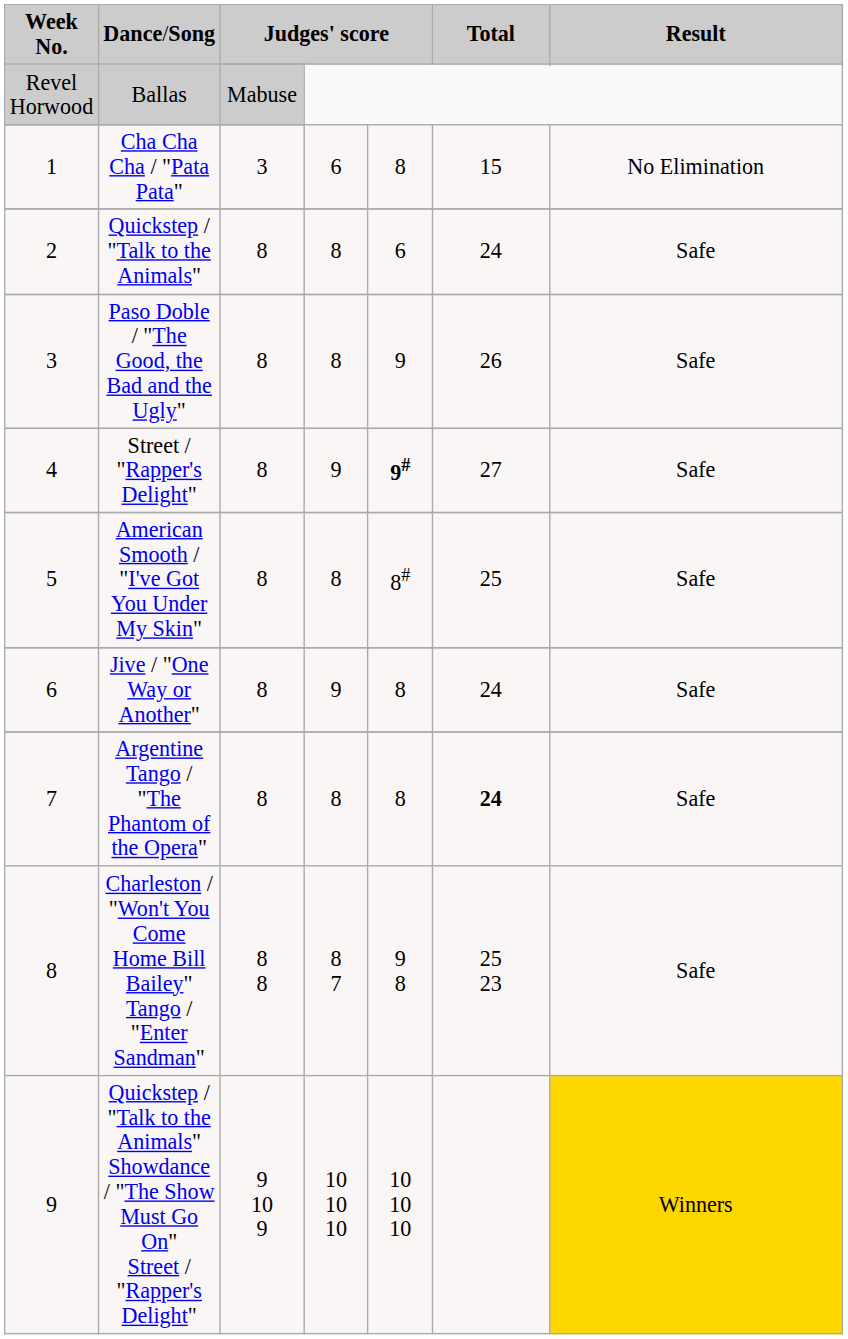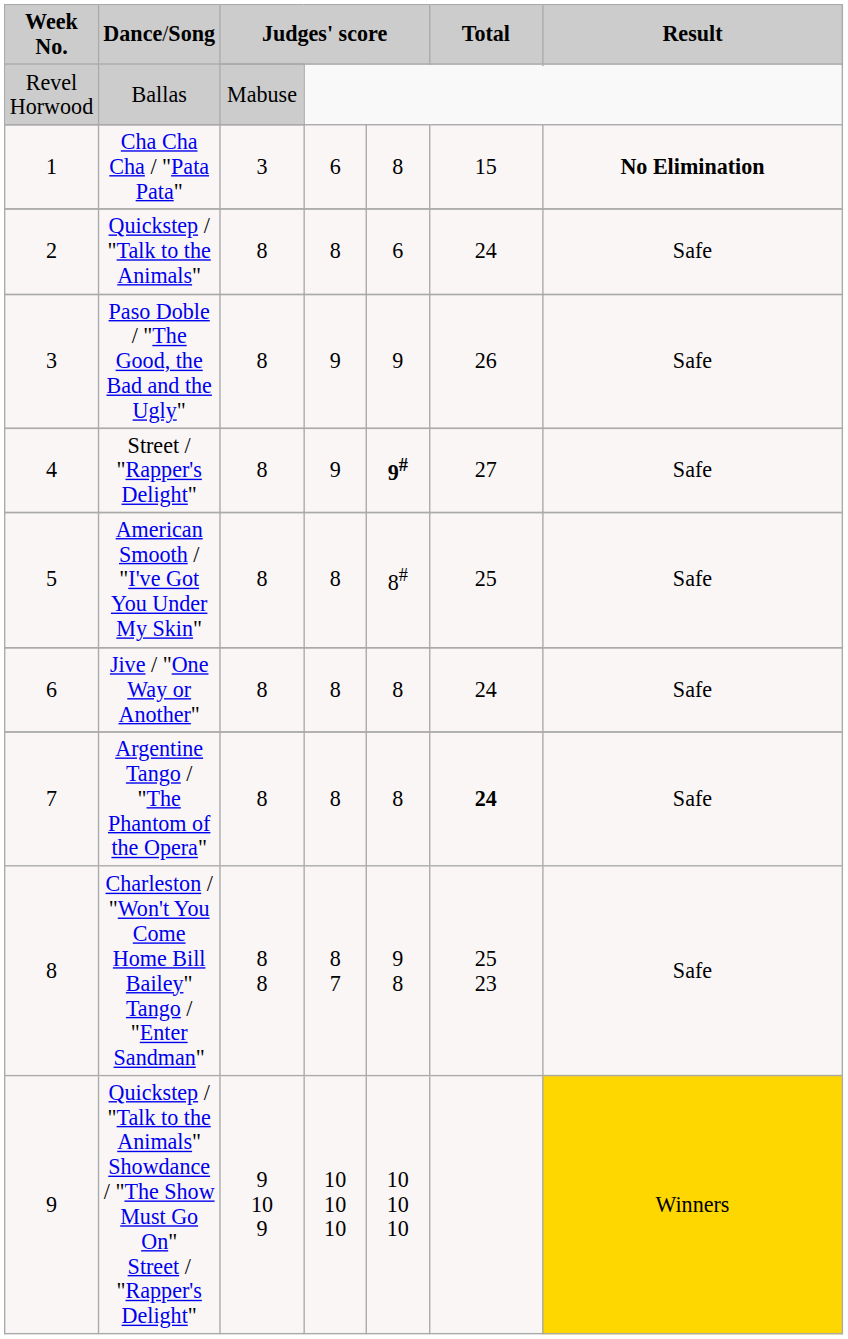 <table class="wikitable" align="center">
 <tr>
 <td rowspan="2" bgcolor="CCCCCC" align="Center"><strong>Week No.</strong></td>
 <td rowspan="2" bgcolor="CCCCCC" align="Center"><strong>Dance</strong>/<strong>Song</strong></td>
 <td colspan="3" bgcolor="CCCCCC" align="Center"><strong>Judges' score</strong></td>
 <td rowspan="2" bgcolor="CCCCCC" align="Center"><strong>Total</strong></td>
 <td rowspan="2" bgcolor="CCCCCC" align="Center"><strong>Result</strong></td>
 </tr>
 <tr>
 </tr>
 <tr>
 <td bgcolor="CCCCCC" width="10%" align="center">Revel Horwood</td>
 <td bgcolor="CCCCCC" width="10%" align="center">Ballas</td>
 <td bgcolor="CCCCCC" width="10%" align="center">Mabuse</td>
 </tr>
 <tr>
 </tr>
 <tr>
 <td align="center" bgcolor="FAF6F6">1</td>
 <td align="center" bgcolor="FAF6F6"><a href='#'>Cha Cha Cha</a> / "<a href='#'>Pata Pata</a>"</td>
 <td align="center" bgcolor="FAF6F6">3</td>
 <td align="center" bgcolor="FAF6F6">6</td>
 <td align="center" bgcolor="FAF6F6">8</td>
 <td align="center" bgcolor="FAF6F6">15</td>
-<td align="center" bgcolor="FAF6F6">No Elimination</td>
+<td align="center" bgcolor="FAF6F6"><strong>No Elimination</strong></td>
 </tr>
 <tr>
 </tr>
 <tr>
 <td align="center" bgcolor="FAF6F6">2</td>
 <td align="center" bgcolor="FAF6F6"><a href='#'>Quickstep</a> / "<a href='#'>Talk to the Animals</a>"</td>
 <td align="center" bgcolor="FAF6F6">8</td>
 <td align="center" bgcolor="FAF6F6">8</td>
 <td align="center" bgcolor="FAF6F6">6</td>
 <td align="center" bgcolor="FAF6F6">24</td>
 <td align="center" bgcolor="FAF6F6">Safe</td>
 </tr>
 <tr>
 </tr>
 <tr>
 <td align="center" bgcolor="FAF6F6">3</td>
 <td align="center" bgcolor="FAF6F6"><a href='#'>Paso Doble</a> / "<a href='#'>The Good, the Bad and the Ugly</a>"</td>
 <td align="center" bgcolor="FAF6F6">8</td>
-<td align="center" bgcolor="FAF6F6">8</td>
+<td align="center" bgcolor="FAF6F6">9</td>
 <td align="center" bgcolor="FAF6F6">9</td>
 <td align="center" bgcolor="FAF6F6">26</td>
 <td align="center" bgcolor="FAF6F6">Safe</td>
 </tr>
 <tr>
 </tr>
 <tr>
 <td style="text-align:center; background:#faf6f6;">4</td>
 <td style="text-align:center; background:#faf6f6;">Street / "<a href='#'>Rapper's Delight</a>"</td>
 <td style="text-align:center; background:#faf6f6;">8</td>
 <td style="text-align:center; background:#faf6f6;">9</td>
 <td style="text-align:center; background:#faf6f6;"><strong>9<sup>#</sup></strong></td>
 <td style="text-align:center; background:#faf6f6;">27</td>
 <td style="text-align:center; background:#faf6f6;">Safe</td>
 </tr>
 <tr>
 </tr>
 <tr>
 <td style="text-align:center; background:#faf6f6;">5</td>
 <td style="text-align:center; background:#faf6f6;"><a href='#'>American Smooth</a> / "<a href='#'>I've Got You Under My Skin</a>"</td>
 <td style="text-align:center; background:#faf6f6;">8</td>
 <td style="text-align:center; background:#faf6f6;">8</td>
 <td style="text-align:center; background:#faf6f6;">8<sup>#</sup></td>
 <td style="text-align:center; background:#faf6f6;">25</td>
 <td style="text-align:center; background:#faf6f6;">Safe</td>
 </tr>
 <tr>
 </tr>
 <tr>
 <td style="text-align:center; background:#faf6f6;">6</td>
 <td style="text-align:center; background:#faf6f6;"><a href='#'>Jive</a> / "<a href='#'>One Way or Another</a>"</td>
 <td style="text-align:center; background:#faf6f6;">8</td>
-<td style="text-align:center; background:#faf6f6;">9</td>
+<td style="text-align:center; background:#faf6f6;">8</td>
 <td style="text-align:center; background:#faf6f6;">8</td>
 <td style="text-align:center; background:#faf6f6;">24</td>
 <td style="text-align:center; background:#faf6f6;">Safe</td>
 </tr>
 <tr>
 </tr>
 <tr>
 <td style="text-align:center; background:#faf6f6;">7</td>
 <td style="text-align:center; background:#faf6f6;"><a href='#'>Argentine Tango</a> / "<a href='#'>The Phantom of the Opera</a>"</td>
 <td style="text-align:center; background:#faf6f6;">8</td>
 <td style="text-align:center; background:#faf6f6;">8</td>
 <td style="text-align:center; background:#faf6f6;">8</td>
 <td style="text-align:center; background:#faf6f6;"><strong>24</strong></td>
 <td style="text-align:center; background:#faf6f6;">Safe</td>
 </tr>
 <tr>
 <td align="center" bgcolor="FAF6F6">8</td>
 <td align="center" bgcolor="FAF6F6"><a href='#'>Charleston</a> / "<a href='#'>Won't You Come Home Bill Bailey</a>"<br><a href='#'>Tango</a> / "<a href='#'>Enter Sandman</a>"</td>
 <td align="center" bgcolor="FAF6F6">8<br>8</td>
 <td align="center" bgcolor="FAF6F6">8<br>7</td>
 <td align="center" bgcolor="FAF6F6">9<br>8</td>
 <td align="center" bgcolor="FAF6F6">25<br>23</td>
 <td align="center" bgcolor="FAF6F6">Safe</td>
 </tr>
 <tr>
 <td align="center" bgcolor="FAF6F6">9</td>
 <td align="center" bgcolor="FAF6F6"><a href='#'>Quickstep</a> / "<a href='#'>Talk to the Animals</a>"<br><a href='#'>Showdance</a> / "<a href='#'>The Show Must Go On</a>"<br><a href='#'>Street</a> / "<a href='#'>Rapper's Delight</a>"</td>
 <td align="center" bgcolor="FAF6F6">9<br>10<br>9</td>
 <td align="center" bgcolor="FAF6F6">10<br>10<br>10</td>
 <td align="center" bgcolor="FAF6F6">10<br>10<br>10</td>
 <td align="center" bgcolor="FAF6F6"><br><br></td>
 <td style="text-align:center; background:gold;">Winners</td>
 </tr>
 </table>
